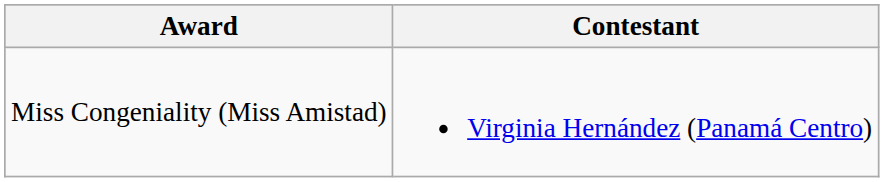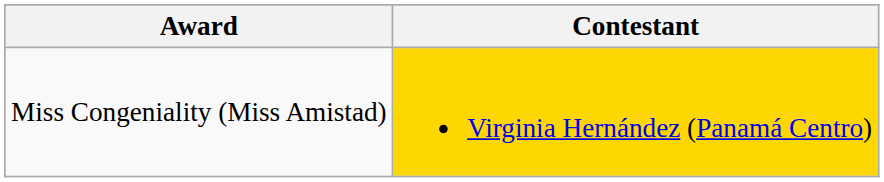 <table class="wikitable" border="1">
 <tr>
 <th>Award</th>
 <th>Contestant</th>
 </tr>
 <tr>
 <td>Miss Congeniality (Miss Amistad)</td>
-<td><br><ul><li><a href='#'>Virginia Hernández</a> (<a href='#'>Panamá Centro</a>)</li></ul></td>
+<td style="background: gold;"><br><ul><li><a href='#'>Virginia Hernández</a> (<a href='#'>Panamá Centro</a>)</li></ul></td>
 </tr>
 </table>
